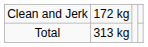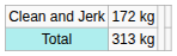 <table class = "wikitable" style="text-align:center;">
 <tr>
 <td>Clean and Jerk</td>
 <td>172 kg</td>
 <td rowspan=2 align=left></td>
 <td></td>
 </tr>
 <tr>
-<td>Total</td>
+<td style="background: paleturquoise;">Total</td>
 <td>313 kg</td>
 <td></td>
 </tr>
 </table>
